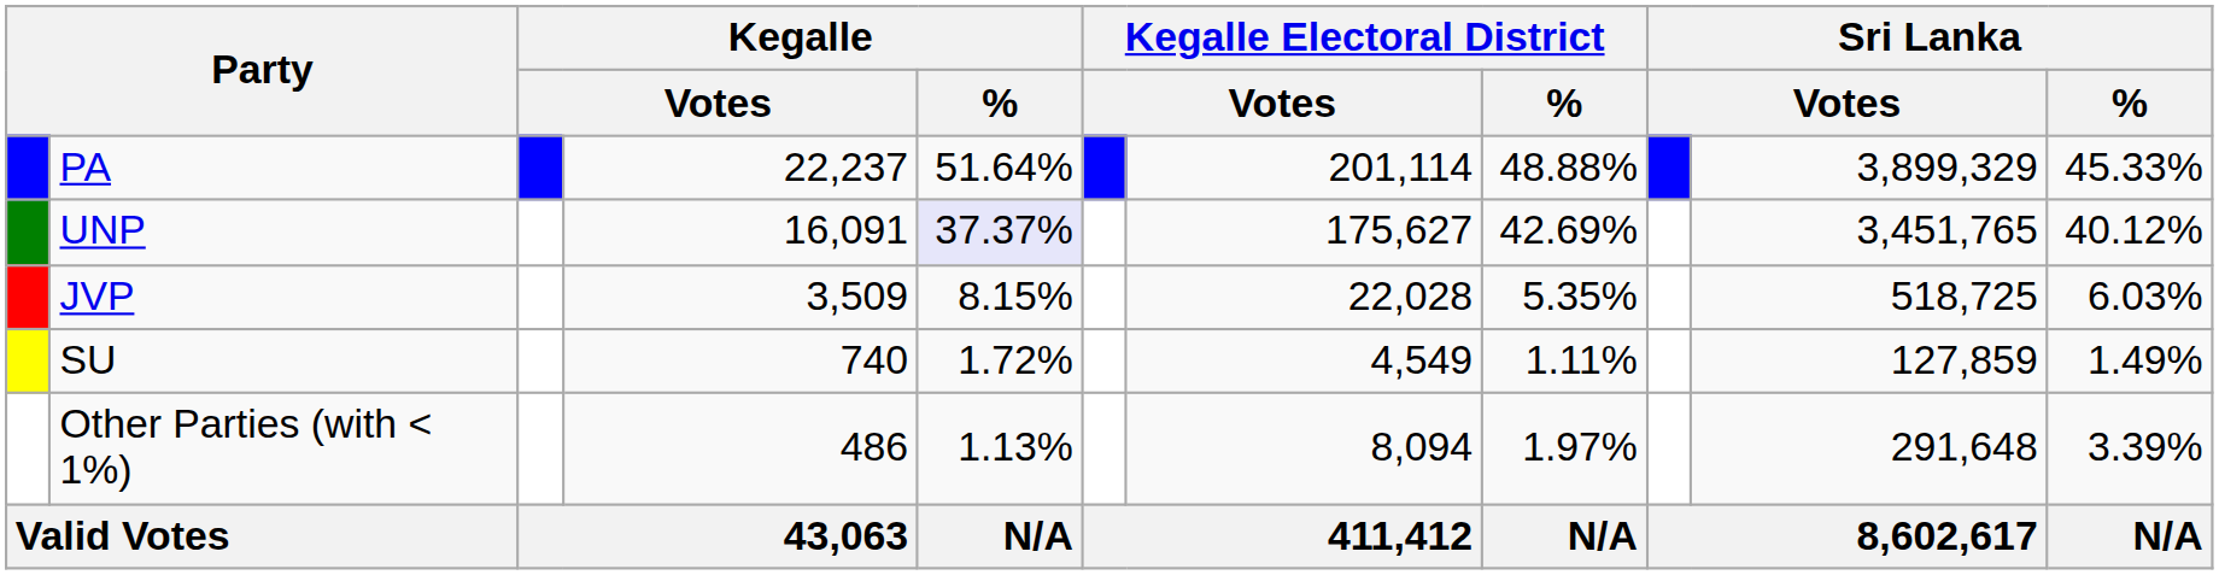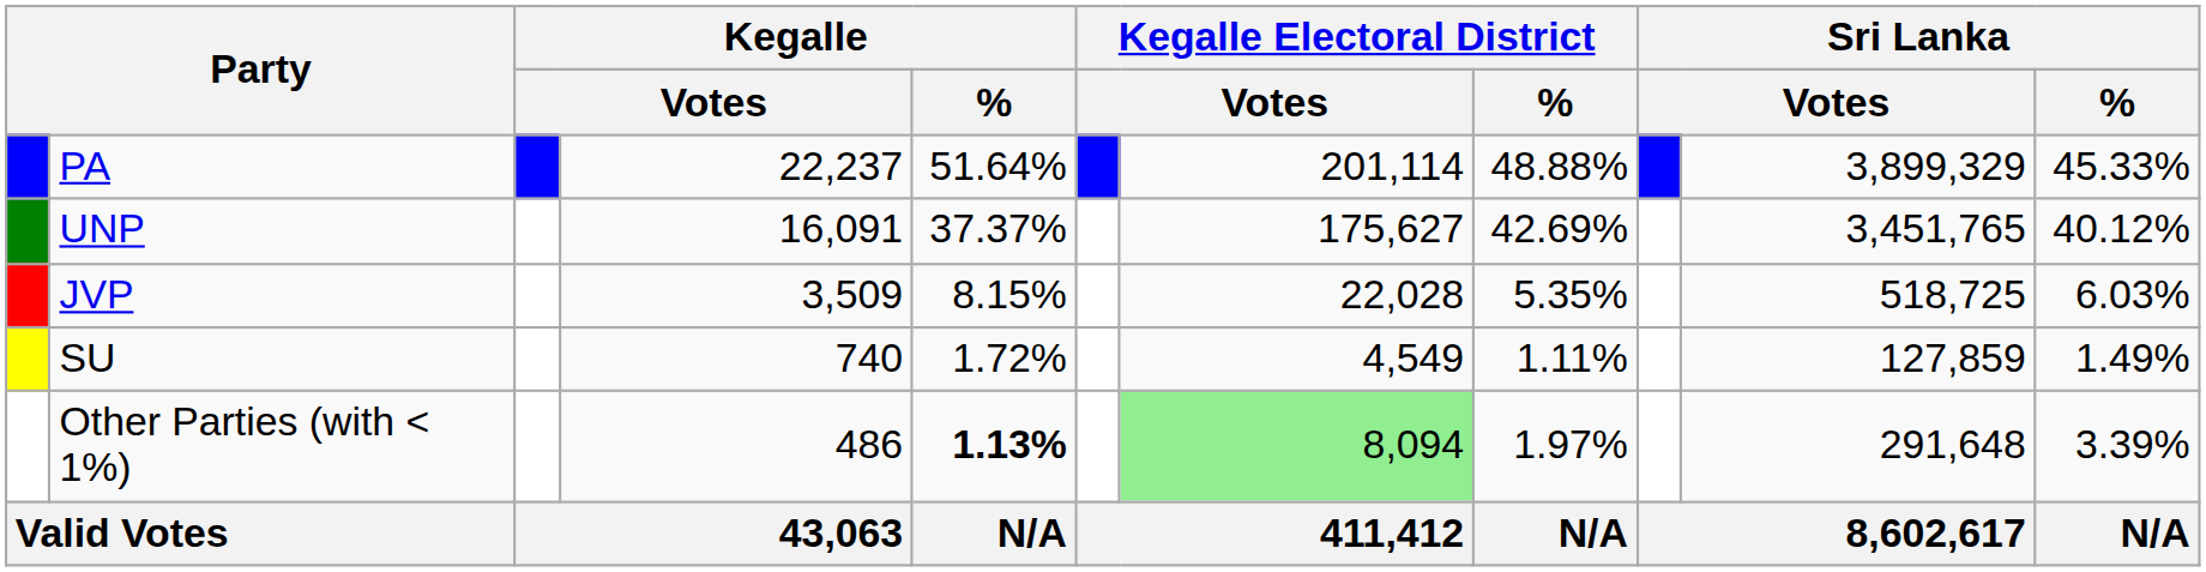 <table class="wikitable">
 <tr>
 <th colspan="2" width="144px"rowspan="2">Party</th>
 <th colspan="3" width="216px">Kegalle</th>
 <th colspan="3" width="216px"><a href='#'>Kegalle Electoral District</a></th>
 <th colspan="3" width="216px">Sri Lanka</th>
 </tr>
 <tr>
 <th colspan="2" width="144px">Votes</th>
 <th>%</th>
 <th colspan="2" width="144px">Votes</th>
 <th>%</th>
 <th colspan="2" width="144px">Votes</th>
 <th>%</th>
 </tr>
 <tr>
 <td style="background-color:blue;" width="10px"></td>
 <td style="text-align:left;"><a href='#'>PA</a></td>
 <td style="background-color:blue;" width="10px"></td>
 <td style="text-align:right;">22,237</td>
 <td style="text-align:right;">51.64%</td>
 <td style="background-color:blue;" width="10px"></td>
 <td style="text-align:right;">201,114</td>
 <td style="text-align:right;">48.88%</td>
 <td style="background-color:blue;" width="10px"></td>
 <td style="text-align:right;">3,899,329</td>
 <td style="text-align:right;">45.33%</td>
 </tr>
 <tr>
 <td style="background-color:green;" width="10px"></td>
 <td style="text-align:left;"><a href='#'>UNP</a></td>
 <td style="background-color:white;" width="10px"></td>
 <td style="text-align:right;">16,091</td>
-<td style="background: lavender; text-align:right;">37.37%</td>
+<td style="text-align:right;">37.37%</td>
 <td style="background-color:white;" width="10px"></td>
 <td style="text-align:right;">175,627</td>
 <td style="text-align:right;">42.69%</td>
 <td style="background-color:white;" width="10px"></td>
 <td style="text-align:right;">3,451,765</td>
 <td style="text-align:right;">40.12%</td>
 </tr>
 <tr>
 <td style="background-color:red;" width="10px"></td>
 <td style="text-align:left;"><a href='#'>JVP</a></td>
 <td style="background-color:white;" width="10px"></td>
 <td style="text-align:right;">3,509</td>
 <td style="text-align:right;">8.15%</td>
 <td style="background-color:white;" width="10px"></td>
 <td style="text-align:right;">22,028</td>
 <td style="text-align:right;">5.35%</td>
 <td style="background-color:white;" width="10px"></td>
 <td style="text-align:right;">518,725</td>
 <td style="text-align:right;">6.03%</td>
 </tr>
 <tr>
 <td style="background-color:yellow;" width="10px"></td>
 <td style="text-align:left;">SU</td>
 <td style="background-color:white;" width="10px"></td>
 <td style="text-align:right;">740</td>
 <td style="text-align:right;">1.72%</td>
 <td style="background-color:white;" width="10px"></td>
 <td style="text-align:right;">4,549</td>
 <td style="text-align:right;">1.11%</td>
 <td style="background-color:white;" width="10px"></td>
 <td style="text-align:right;">127,859</td>
 <td style="text-align:right;">1.49%</td>
 </tr>
 <tr>
 <td style="background-color:white;" width="10px"></td>
 <td style="text-align:left;">Other Parties (with < 1%)</td>
 <td style="background-color:white;" width="10px"></td>
 <td style="text-align:right;">486</td>
-<td style="text-align:right;">1.13%</td>
+<td style="text-align:right;"><strong>1.13%</strong></td>
 <td style="background-color:white;" width="10px"></td>
-<td style="text-align:right;">8,094</td>
+<td style="background: lightgreen; text-align:right;">8,094</td>
 <td style="text-align:right;">1.97%</td>
 <td style="background-color:white;" width="10px"></td>
 <td style="text-align:right;">291,648</td>
 <td style="text-align:right;">3.39%</td>
 </tr>
 <tr>
 <th colspan="2" width="144px"style="text-align:left;">Valid Votes</th>
 <th style="text-align:right;"colspan="2" width="144px">43,063</th>
 <th style="text-align:right;">N/A</th>
 <th style="text-align:right;"colspan="2" width="144px">411,412</th>
 <th style="text-align:right;">N/A</th>
 <th style="text-align:right;"colspan="2" width="144px">8,602,617</th>
 <th style="text-align:right;">N/A</th>
 </tr>
 </table>
